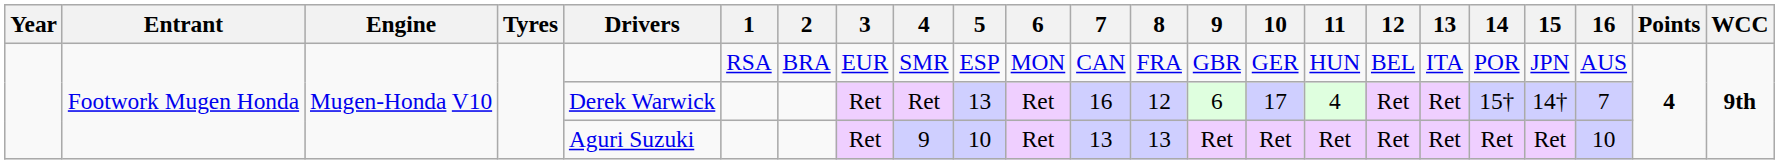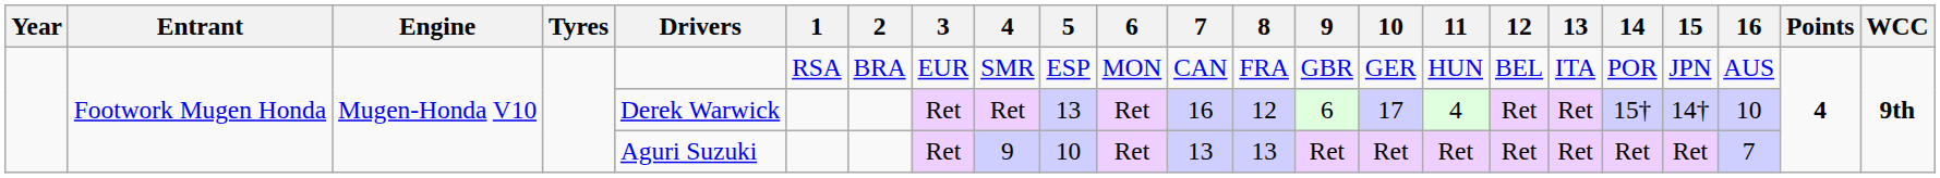 <table class="wikitable" style="text-align:center; font-size:95%">
 <tr>
 <th>Year</th>
 <th>Entrant</th>
 <th>Engine</th>
 <th>Tyres</th>
 <th>Drivers</th>
 <th>1</th>
 <th>2</th>
 <th>3</th>
 <th>4</th>
 <th>5</th>
 <th>6</th>
 <th>7</th>
 <th>8</th>
 <th>9</th>
 <th>10</th>
 <th>11</th>
 <th>12</th>
 <th>13</th>
 <th>14</th>
 <th>15</th>
 <th>16</th>
 <th>Points</th>
 <th>WCC</th>
 </tr>
 <tr>
 <td rowspan="3"></td>
 <td rowspan="3"><a href='#'>Footwork Mugen Honda</a></td>
 <td rowspan="3"><a href='#'>Mugen-Honda</a> <a href='#'>V10</a></td>
 <td rowspan="3"></td>
 <td></td>
 <td><a href='#'>RSA</a></td>
 <td><a href='#'>BRA</a></td>
 <td><a href='#'>EUR</a></td>
 <td><a href='#'>SMR</a></td>
 <td><a href='#'>ESP</a></td>
 <td><a href='#'>MON</a></td>
 <td><a href='#'>CAN</a></td>
 <td><a href='#'>FRA</a></td>
 <td><a href='#'>GBR</a></td>
 <td><a href='#'>GER</a></td>
 <td><a href='#'>HUN</a></td>
 <td><a href='#'>BEL</a></td>
 <td><a href='#'>ITA</a></td>
 <td><a href='#'>POR</a></td>
 <td><a href='#'>JPN</a></td>
 <td><a href='#'>AUS</a></td>
 <td rowspan="3"><strong>4</strong></td>
 <td rowspan="3"><strong>9th</strong></td>
 </tr>
 <tr>
 <td align="left"><a href='#'>Derek Warwick</a></td>
 <td></td>
 <td></td>
 <td style="background:#efcfff;">Ret</td>
 <td style="background:#efcfff;">Ret</td>
 <td style="background:#cfcfff;">13</td>
 <td style="background:#efcfff;">Ret</td>
 <td style="background:#cfcfff;">16</td>
 <td style="background:#cfcfff;">12</td>
 <td style="background:#dfffdf;">6</td>
 <td style="background:#cfcfff;">17</td>
 <td style="background:#dfffdf;">4</td>
 <td style="background:#efcfff;">Ret</td>
 <td style="background:#efcfff;">Ret</td>
 <td style="background:#cfcfff;">15†</td>
 <td style="background:#cfcfff;">14†</td>
-<td style="background:#cfcfff;">7</td>
+<td style="background:#cfcfff;">10</td>
 </tr>
 <tr>
 <td align="left"><a href='#'>Aguri Suzuki</a></td>
 <td></td>
 <td></td>
 <td style="background:#efcfff;">Ret</td>
 <td style="background:#cfcfff;">9</td>
 <td style="background:#cfcfff;">10</td>
 <td style="background:#efcfff;">Ret</td>
 <td style="background:#cfcfff;">13</td>
 <td style="background:#cfcfff;">13</td>
 <td style="background:#efcfff;">Ret</td>
 <td style="background:#efcfff;">Ret</td>
 <td style="background:#efcfff;">Ret</td>
 <td style="background:#efcfff;">Ret</td>
 <td style="background:#efcfff;">Ret</td>
 <td style="background:#efcfff;">Ret</td>
 <td style="background:#efcfff;">Ret</td>
-<td style="background:#cfcfff;">10</td>
+<td style="background:#cfcfff;">7</td>
 </tr>
 </table>
